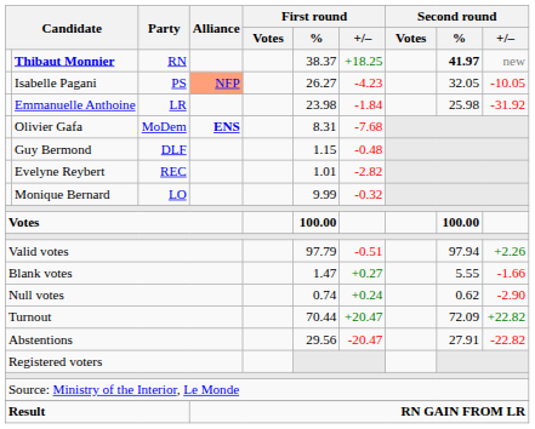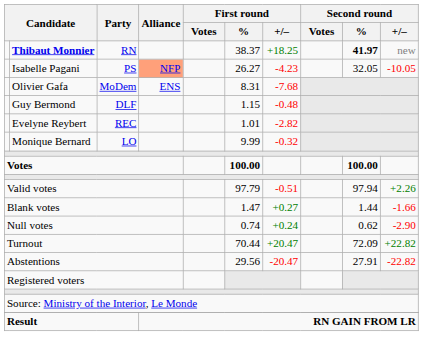 <table class="wikitable" style="text-align:right;font-size:95%;">
 <tr>
 <th rowspan="2" colspan="2">Candidate</th>
 <th rowspan="2">Party</th>
 <th rowspan="2">Alliance</th>
 <th colspan="3">First round</th>
 <th colspan="3">Second round</th>
 </tr>
 <tr>
 <th style="width:50px;">Votes</th>
 <th style="width:45px;">%</th>
 <th style="width:45px;">+/–</th>
 <th style="width:50px;">Votes</th>
 <th style="width:45px;">%</th>
 <th style="width:45px;">+/–</th>
 </tr>
 <tr>
 <td style="color:inherit;background:"></td>
 <td style="text-align:left;"><strong><a href='#'>Thibaut Monnier</a></strong></td>
 <td><a href='#'>RN</a></td>
 <td></td>
 <td></td>
 <td>38.37</td>
 <td style="color:green;">+18.25</td>
 <td><strong></strong></td>
 <td><strong>41.97</strong></td>
 <td style="color:grey;">new</td>
 </tr>
 <tr>
 <td style="color:inherit;background:"></td>
 <td style="text-align:left;">Isabelle Pagani</td>
 <td><a href='#'>PS</a></td>
 <td style="background: lightsalmon;"><a href='#'>NFP</a></td>
 <td></td>
 <td>26.27</td>
 <td style="color:red;">-4.23</td>
 <td></td>
 <td>32.05</td>
 <td style="color:red;">-10.05</td>
 </tr>
 <tr>
 <td style="color:inherit;background:"></td>
-<td style="text-align:left;"><a href='#'>Emmanuelle Anthoine</a></td>
-<td><a href='#'>LR</a></td>
-<td></td>
-<td></td>
-<td>23.98</td>
-<td style="color:red;">-1.84</td>
-<td></td>
-<td>25.98</td>
-<td style="color:red;">-31.92</td>
-</tr>
-<tr>
-<td style="color:inherit;background:"></td>
 <td style="text-align:left;">Olivier Gafa</td>
 <td><a href='#'>MoDem</a></td>
-<td><strong><a href='#'>ENS</a></strong></td>
+<td><a href='#'>ENS</a></td>
 <td></td>
 <td>8.31</td>
 <td style="color:red;">-7.68</td>
 <td colspan="3" style="background:#E9E9E9;"></td>
 </tr>
 <tr>
 <td style="color:inherit;background:"></td>
 <td style="text-align:left;">Guy Bermond</td>
 <td><a href='#'>DLF</a></td>
 <td></td>
 <td></td>
 <td>1.15</td>
 <td style="color:red;">-0.48</td>
 <td colspan="3" style="background:#E9E9E9;"></td>
 </tr>
 <tr>
 <td style="color:inherit;background:"></td>
 <td style="text-align:left;">Evelyne Reybert</td>
 <td><a href='#'>REC</a></td>
 <td></td>
 <td></td>
 <td>1.01</td>
 <td style="color:red;">-2.82</td>
 <td colspan="3" style="background:#E9E9E9;"></td>
 </tr>
 <tr>
 <td style="color:inherit;background:"></td>
 <td style="text-align:left;">Monique Bernard</td>
 <td><a href='#'>LO</a></td>
 <td></td>
 <td></td>
 <td>9.99</td>
 <td style="color:red;">-0.32</td>
 <td colspan="3" style="background:#E9E9E9;"></td>
 </tr>
 <tr>
 <td colspan="10" style="background:#E9E9E9;"></td>
 </tr>
 <tr style="font-weight:bold;">
 <td colspan="4" style="text-align:left;">Votes</td>
 <td></td>
 <td>100.00</td>
 <td></td>
 <td></td>
 <td>100.00</td>
 <td></td>
 </tr>
 <tr>
 <td colspan="10" style="background:#E9E9E9;"></td>
 </tr>
 <tr>
 <td colspan="4" style="text-align:left;">Valid votes</td>
 <td></td>
 <td>97.79</td>
 <td style="color:red;">-0.51</td>
 <td></td>
 <td>97.94</td>
 <td style="color:green;">+2.26</td>
 </tr>
 <tr>
 <td colspan="4" style="text-align:left;">Blank votes</td>
 <td></td>
 <td>1.47</td>
 <td style="color:green;">+0.27</td>
 <td></td>
-<td>5.55</td>
+<td>1.44</td>
 <td style="color:red;">-1.66</td>
 </tr>
 <tr>
 <td colspan="4" style="text-align:left;">Null votes</td>
 <td></td>
 <td>0.74</td>
 <td style="color:green;">+0.24</td>
 <td></td>
 <td>0.62</td>
 <td style="color:red;">-2.90</td>
 </tr>
 <tr>
 <td colspan="4" style="text-align:left;">Turnout</td>
 <td></td>
 <td>70.44</td>
 <td style="color:green;">+20.47</td>
 <td></td>
 <td>72.09</td>
 <td style="color:green;">+22.82</td>
 </tr>
 <tr>
 <td colspan="4" style="text-align:left;">Abstentions</td>
 <td></td>
 <td>29.56</td>
 <td style="color:red;">-20.47</td>
 <td></td>
 <td>27.91</td>
 <td style="color:red;">-22.82</td>
 </tr>
 <tr>
 <td colspan="4" style="text-align:left;">Registered voters</td>
 <td></td>
 <td colspan="2" style="background:#E9E9E9;"></td>
 <td></td>
 <td colspan="2" style="background:#E9E9E9;"></td>
 </tr>
 <tr>
 <td colspan="10" style="background:#E9E9E9;"></td>
 </tr>
 <tr>
 <td colspan="10" style="text-align:left;">Source: <a href='#'>Ministry of the Interior</a>, <a href='#'>Le Monde</a></td>
 </tr>
 <tr>
 </tr>
 <tr style="font-weight:bold">
 <td colspan="3" style="text-align:left;">Result</td>
 <td colspan="7" style="background-color:">RN GAIN FROM LR</td>
 </tr>
 </table>
